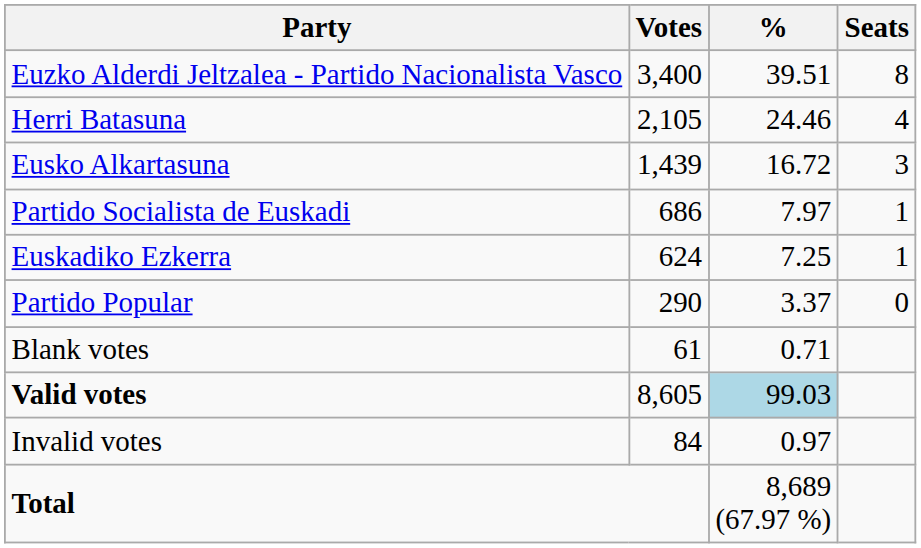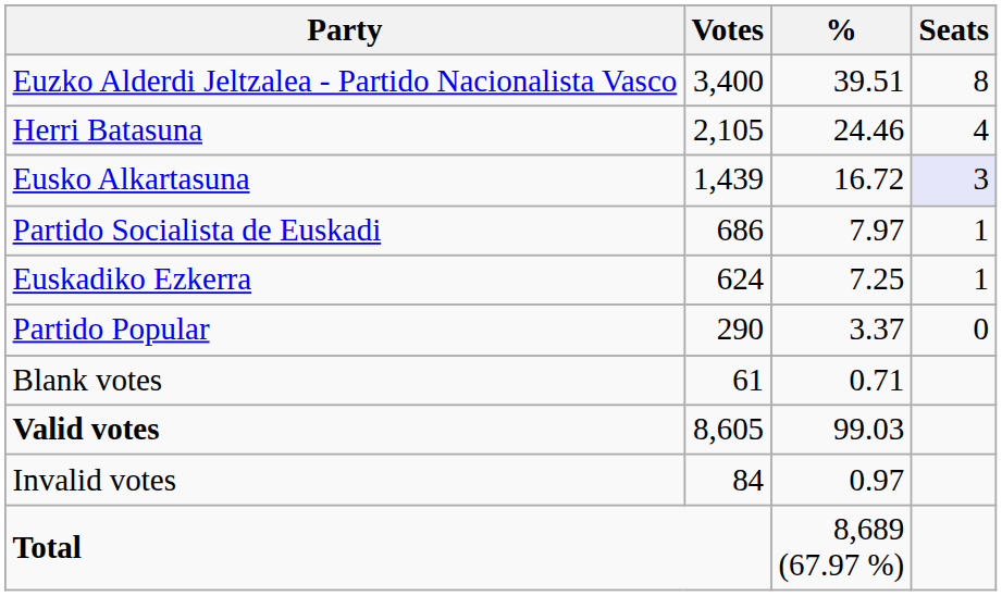 <table class="wikitable" border="1">
 <tr style="background-color:#E9E9E9">
 <th>Party</th>
 <th>Votes</th>
 <th>%</th>
 <th>Seats</th>
 </tr>
 <tr>
 <td><a href='#'>Euzko Alderdi Jeltzalea - Partido Nacionalista Vasco</a></td>
 <td align="right">3,400</td>
 <td align="right">39.51</td>
 <td align="right">8</td>
 </tr>
 <tr>
 <td><a href='#'>Herri Batasuna</a></td>
 <td align="right">2,105</td>
 <td align="right">24.46</td>
 <td align="right">4</td>
 </tr>
 <tr>
 <td><a href='#'>Eusko Alkartasuna</a></td>
 <td align="right">1,439</td>
 <td align="right">16.72</td>
-<td align="right">3</td>
+<td align="right" style="background: lavender;">3</td>
 </tr>
 <tr>
 <td><a href='#'>Partido Socialista de Euskadi</a></td>
 <td align="right">686</td>
 <td align="right">7.97</td>
 <td align="right">1</td>
 </tr>
 <tr>
 <td><a href='#'>Euskadiko Ezkerra</a></td>
 <td align="right">624</td>
 <td align="right">7.25</td>
 <td align="right">1</td>
 </tr>
 <tr>
 <td><a href='#'>Partido Popular</a></td>
 <td align="right">290</td>
 <td align="right">3.37</td>
 <td align="right">0</td>
 </tr>
 <tr>
 <td>Blank votes</td>
 <td align="right">61</td>
 <td align="right">0.71</td>
 <td> </td>
 </tr>
 <tr>
 <td><strong>Valid votes</strong></td>
 <td align="right">8,605</td>
-<td align="right" style="background: lightblue;">99.03</td>
+<td align="right">99.03</td>
 <td> </td>
 </tr>
 <tr>
 <td>Invalid votes</td>
 <td align="right">84</td>
 <td align="right">0.97</td>
 <td> </td>
 </tr>
 <tr>
 <td colspan="2"><strong>Total</strong></td>
 <td align="right">8,689<br>(67.97 %)</td>
 <td></td>
 </tr>
 </table>
